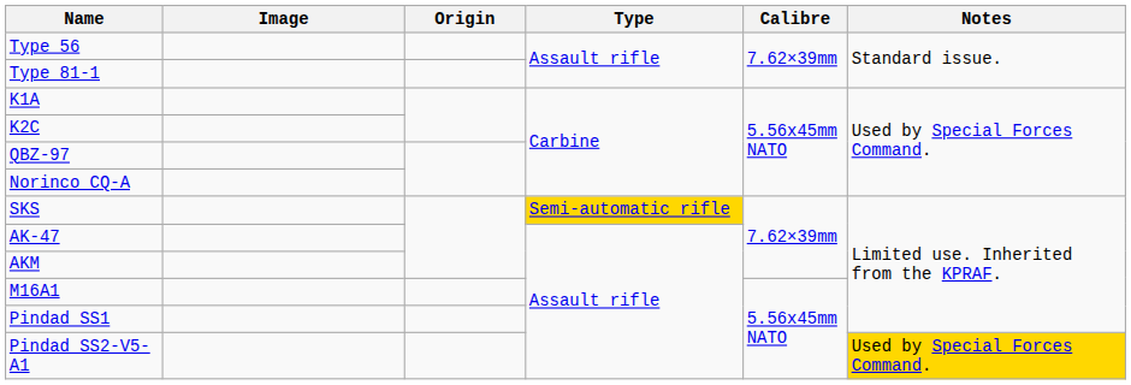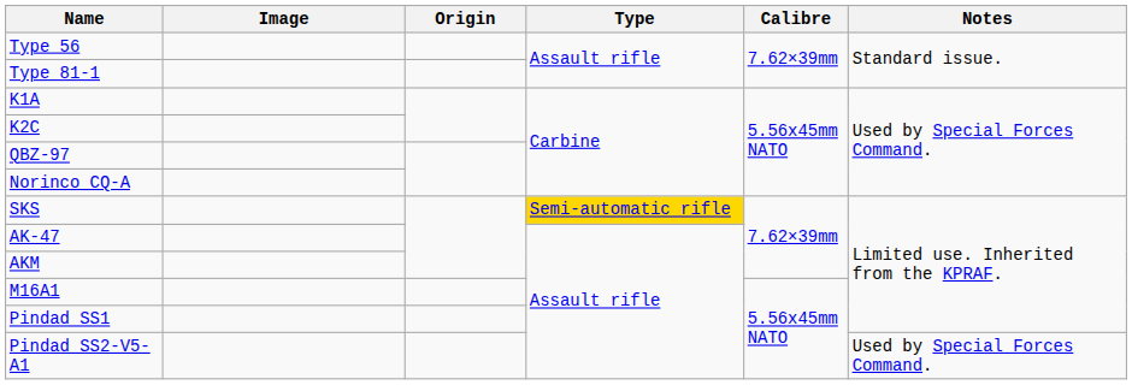 <table class="wikitable sortable">
 <tr>
 <th style="text-align: center; width:13%;">Name</th>
 <th style="text-align: center; width:20%;">Image</th>
 <th style="text-align: center; width:10%;">Origin</th>
 <th style="text-align: center; width:18%;">Type</th>
 <th style="text-align: center; width:7%;">Calibre</th>
 <th style="text-align: center; width:23%;">Notes</th>
 </tr>
 <tr>
 <td><a href='#'>Type 56</a></td>
 <td></td>
 <td></td>
 <td rowspan="2"><a href='#'>Assault rifle</a></td>
 <td rowspan="2"><a href='#'>7.62×39mm</a></td>
 <td rowspan="2">Standard issue.</td>
 </tr>
 <tr>
 <td><a href='#'>Type 81-1</a></td>
 <td></td>
 <td></td>
 </tr>
 <tr>
 <td><a href='#'>K1A</a></td>
 <td></td>
 <td rowspan="2"></td>
 <td rowspan="4"><a href='#'>Carbine</a></td>
 <td rowspan="4"><a href='#'>5.56x45mm NATO</a></td>
 <td rowspan="4">Used by <a href='#'>Special Forces Command</a>.</td>
 </tr>
 <tr>
 <td><a href='#'>K2C</a></td>
 <td></td>
 </tr>
 <tr>
 <td><a href='#'>QBZ-97</a></td>
 <td></td>
 <td rowspan="2"></td>
 </tr>
 <tr>
 <td><a href='#'>Norinco CQ-A</a></td>
 <td></td>
 </tr>
 <tr>
 <td><a href='#'>SKS</a></td>
 <td></td>
 <td rowspan="3"></td>
 <td style="background: gold;"><a href='#'>Semi-automatic rifle</a></td>
 <td rowspan="3"><a href='#'>7.62×39mm</a></td>
 <td rowspan="5">Limited use. Inherited from the <a href='#'>KPRAF</a>.</td>
 </tr>
 <tr>
 <td><a href='#'>AK-47</a></td>
 <td></td>
 <td rowspan="5"><a href='#'>Assault rifle</a></td>
 </tr>
 <tr>
 <td><a href='#'>AKM</a></td>
 <td></td>
 </tr>
 <tr>
 <td><a href='#'>M16A1</a></td>
 <td></td>
 <td></td>
 <td rowspan="3"><a href='#'>5.56x45mm NATO</a></td>
 </tr>
 <tr>
 <td><a href='#'>Pindad SS1</a></td>
 <td></td>
 <td></td>
 </tr>
 <tr>
 <td><a href='#'>Pindad SS2-V5-A1</a></td>
 <td></td>
 <td></td>
-<td style="background: gold;">Used by <a href='#'>Special Forces Command</a>.</td>
+<td>Used by <a href='#'>Special Forces Command</a>.</td>
 </tr>
 </table>
